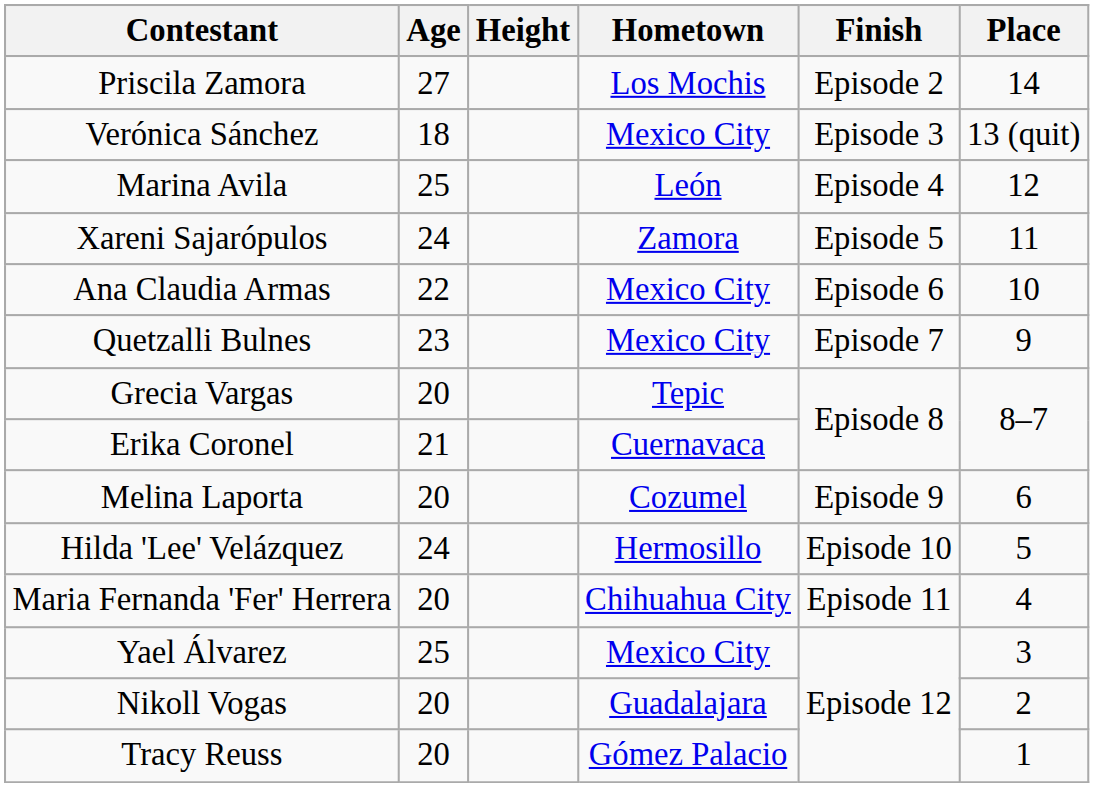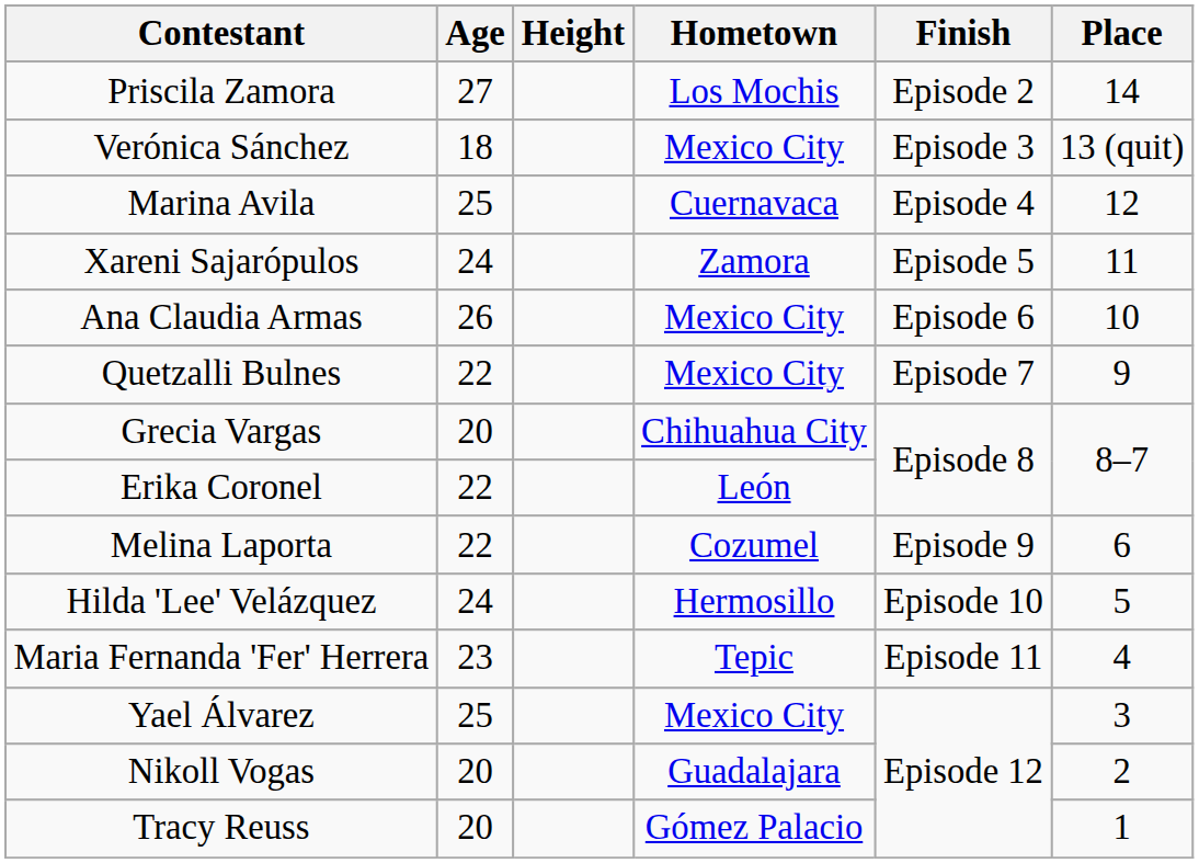 <table class="wikitable sortable" style="text-align:center;">
 <tr>
 <th>Contestant</th>
 <th>Age</th>
 <th>Height</th>
 <th>Hometown</th>
 <th>Finish</th>
 <th>Place</th>
 </tr>
 <tr>
 <td>Priscila Zamora</td>
 <td>27</td>
 <td></td>
 <td><a href='#'>Los Mochis</a></td>
 <td>Episode 2</td>
 <td>14</td>
 </tr>
 <tr>
 <td>Verónica Sánchez</td>
 <td>18</td>
 <td></td>
 <td><a href='#'>Mexico City</a></td>
 <td>Episode 3</td>
 <td>13 (quit)</td>
 </tr>
 <tr>
 <td>Marina Avila</td>
 <td>25</td>
 <td></td>
-<td><a href='#'>León</a></td>
+<td><a href='#'>Cuernavaca</a></td>
 <td>Episode 4</td>
 <td>12</td>
 </tr>
 <tr>
 <td>Xareni Sajarópulos</td>
 <td>24</td>
 <td></td>
 <td><a href='#'>Zamora</a></td>
 <td>Episode 5</td>
 <td>11</td>
 </tr>
 <tr>
 <td>Ana Claudia Armas</td>
-<td>22</td>
+<td>26</td>
 <td></td>
 <td><a href='#'>Mexico City</a></td>
 <td>Episode 6</td>
 <td>10</td>
 </tr>
 <tr>
 <td>Quetzalli Bulnes</td>
-<td>23</td>
+<td>22</td>
 <td></td>
 <td><a href='#'>Mexico City</a></td>
 <td>Episode 7</td>
 <td>9</td>
 </tr>
 <tr>
 <td>Grecia Vargas</td>
 <td>20</td>
 <td></td>
-<td><a href='#'>Tepic</a></td>
+<td><a href='#'>Chihuahua City</a></td>
 <td rowspan="2">Episode 8</td>
 <td rowspan="2">8–7</td>
 </tr>
 <tr>
 <td>Erika Coronel</td>
-<td>21</td>
+<td>22</td>
 <td></td>
-<td><a href='#'>Cuernavaca</a></td>
+<td><a href='#'>León</a></td>
 </tr>
 <tr>
 <td>Melina Laporta</td>
-<td>20</td>
+<td>22</td>
 <td></td>
 <td><a href='#'>Cozumel</a></td>
 <td>Episode 9</td>
 <td>6</td>
 </tr>
 <tr>
 <td>Hilda 'Lee' Velázquez</td>
 <td>24</td>
 <td></td>
 <td><a href='#'>Hermosillo</a></td>
 <td>Episode 10</td>
 <td>5</td>
 </tr>
 <tr>
 <td>Maria Fernanda 'Fer' Herrera</td>
-<td>20</td>
+<td>23</td>
 <td></td>
-<td><a href='#'>Chihuahua City</a></td>
+<td><a href='#'>Tepic</a></td>
 <td>Episode 11</td>
 <td>4</td>
 </tr>
 <tr>
 <td>Yael Álvarez</td>
 <td>25</td>
 <td></td>
 <td><a href='#'>Mexico City</a></td>
 <td rowspan="3">Episode 12</td>
 <td>3</td>
 </tr>
 <tr>
 <td>Nikoll Vogas</td>
 <td>20</td>
 <td></td>
 <td><a href='#'>Guadalajara</a></td>
 <td>2</td>
 </tr>
 <tr>
 <td>Tracy Reuss</td>
 <td>20</td>
 <td></td>
 <td><a href='#'>Gómez Palacio</a></td>
 <td>1</td>
 </tr>
 </table>
